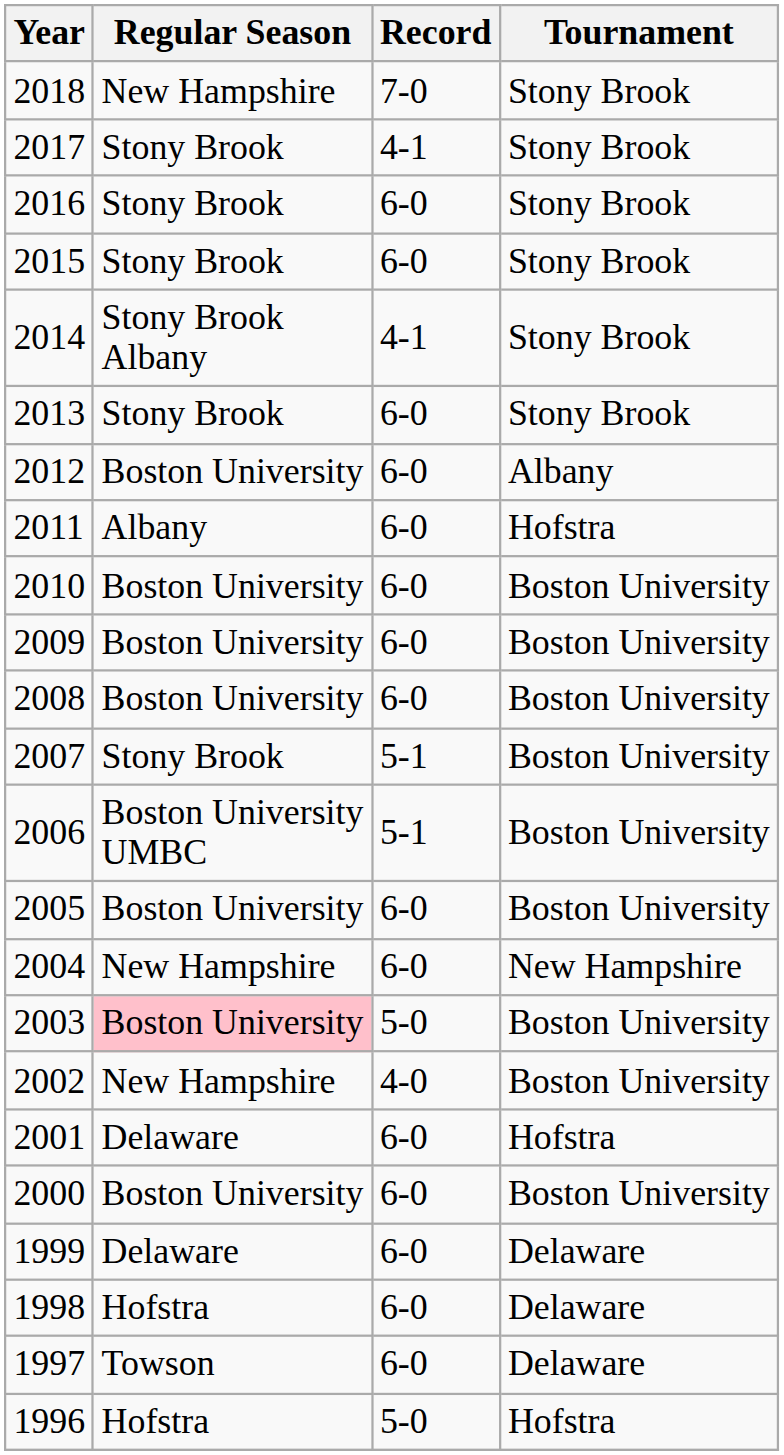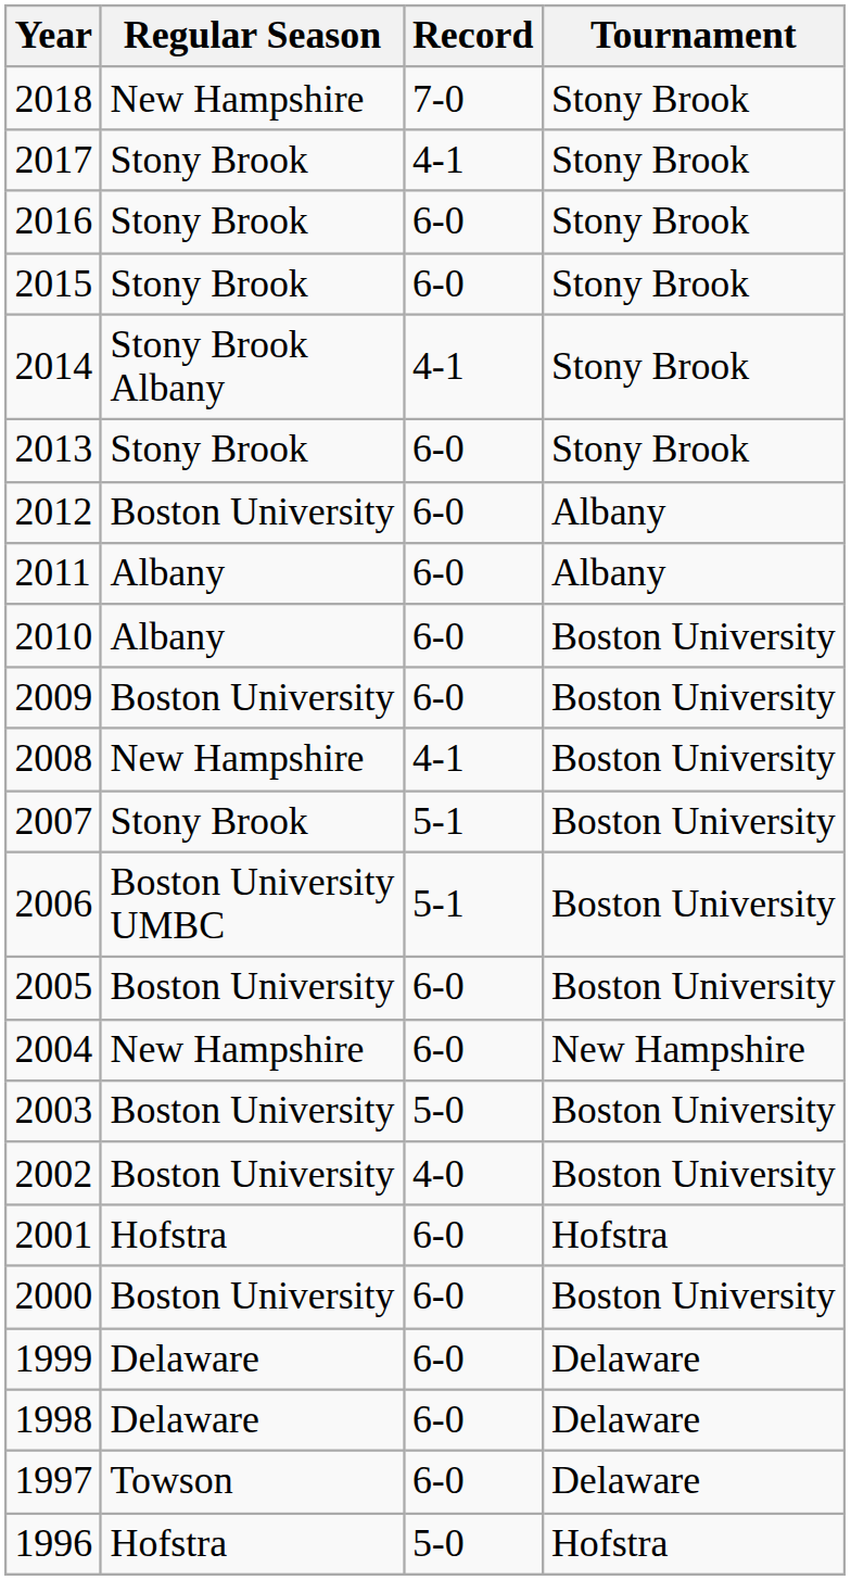 <table class="wikitable sortable">
 <tr>
 <th>Year</th>
 <th>Regular Season</th>
 <th>Record</th>
 <th>Tournament</th>
 </tr>
 <tr>
 <td>2018</td>
 <td>New Hampshire</td>
 <td>7-0</td>
 <td>Stony Brook</td>
 </tr>
 <tr>
 <td>2017</td>
 <td>Stony Brook</td>
 <td>4-1</td>
 <td>Stony Brook</td>
 </tr>
 <tr>
 <td>2016</td>
 <td>Stony Brook</td>
 <td>6-0</td>
 <td>Stony Brook</td>
 </tr>
 <tr>
 <td>2015</td>
 <td>Stony Brook</td>
 <td>6-0</td>
 <td>Stony Brook</td>
 </tr>
 <tr>
 <td>2014</td>
 <td>Stony Brook<br>Albany</td>
 <td>4-1</td>
 <td>Stony Brook</td>
 </tr>
 <tr>
 <td>2013</td>
 <td>Stony Brook</td>
 <td>6-0</td>
 <td>Stony Brook</td>
 </tr>
 <tr>
 <td>2012</td>
 <td>Boston University</td>
 <td>6-0</td>
 <td>Albany</td>
 </tr>
 <tr>
 <td>2011</td>
 <td>Albany</td>
 <td>6-0</td>
-<td>Hofstra</td>
+<td>Albany</td>
 </tr>
 <tr>
 <td>2010</td>
-<td>Boston University</td>
+<td>Albany</td>
 <td>6-0</td>
 <td>Boston University</td>
 </tr>
 <tr>
 <td>2009</td>
 <td>Boston University</td>
 <td>6-0</td>
 <td>Boston University</td>
 </tr>
 <tr>
 <td>2008</td>
-<td>Boston University</td>
-<td>6-0</td>
+<td>New Hampshire</td>
+<td>4-1</td>
 <td>Boston University</td>
 </tr>
 <tr>
 <td>2007</td>
 <td>Stony Brook</td>
 <td>5-1</td>
 <td>Boston University</td>
 </tr>
 <tr>
 <td>2006</td>
 <td>Boston University<br>UMBC</td>
 <td>5-1</td>
 <td>Boston University</td>
 </tr>
 <tr>
 <td>2005</td>
 <td>Boston University</td>
 <td>6-0</td>
 <td>Boston University</td>
 </tr>
 <tr>
 <td>2004</td>
 <td>New Hampshire</td>
 <td>6-0</td>
 <td>New Hampshire</td>
 </tr>
 <tr>
 <td>2003</td>
-<td style="background: pink;">Boston University</td>
+<td>Boston University</td>
 <td>5-0</td>
 <td>Boston University</td>
 </tr>
 <tr>
 <td>2002</td>
-<td>New Hampshire</td>
+<td>Boston University</td>
 <td>4-0</td>
 <td>Boston University</td>
 </tr>
 <tr>
 <td>2001</td>
-<td>Delaware</td>
+<td>Hofstra</td>
 <td>6-0</td>
 <td>Hofstra</td>
 </tr>
 <tr>
 <td>2000</td>
 <td>Boston University</td>
 <td>6-0</td>
 <td>Boston University</td>
 </tr>
 <tr>
 <td>1999</td>
 <td>Delaware</td>
 <td>6-0</td>
 <td>Delaware</td>
 </tr>
 <tr>
 <td>1998</td>
-<td>Hofstra</td>
+<td>Delaware</td>
 <td>6-0</td>
 <td>Delaware</td>
 </tr>
 <tr>
 <td>1997</td>
 <td>Towson</td>
 <td>6-0</td>
 <td>Delaware</td>
 </tr>
 <tr>
 <td>1996</td>
 <td>Hofstra</td>
 <td>5-0</td>
 <td>Hofstra</td>
 </tr>
 <tr>
 </tr>
 </table>
